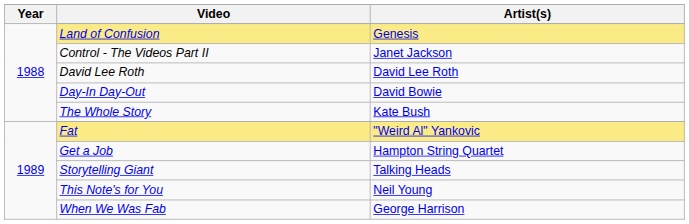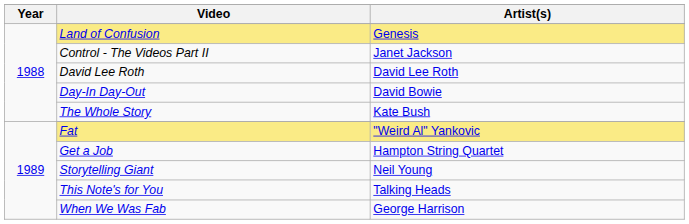 <table class="wikitable" style="width:100%">
 <tr bgcolor="#bebebe">
 </tr>
 <tr bgcolor="#bebebe">
 <th width="5%">Year</th>
 <th width="30%">Video</th>
 <th width="30%">Artist(s)</th>
 </tr>
 <tr>
 <td rowspan="6" style="text-align:center;"><a href='#'>1988</a><br></td>
 </tr>
 <tr style="background:#FAEB86;">
 <td><em><a href='#'>Land of Confusion</a></em></td>
 <td><a href='#'>Genesis</a></td>
 </tr>
 <tr>
 <td><em>Control - The Videos Part II</em></td>
 <td><a href='#'>Janet Jackson</a></td>
 </tr>
 <tr>
 <td><em>David Lee Roth</em></td>
 <td><a href='#'>David Lee Roth</a></td>
 </tr>
 <tr>
 <td><em><a href='#'>Day-In Day-Out</a></em></td>
 <td><a href='#'>David Bowie</a></td>
 </tr>
 <tr>
 <td><em><a href='#'>The Whole Story</a></em></td>
 <td><a href='#'>Kate Bush</a></td>
 </tr>
 <tr>
 <td rowspan="6" style="text-align:center;"><a href='#'>1989</a><br></td>
 </tr>
 <tr style="background:#FAEB86;">
 <td><em><a href='#'>Fat</a></em></td>
 <td><a href='#'>"Weird Al" Yankovic</a></td>
 </tr>
 <tr>
 <td><em><a href='#'>Get a Job</a></em></td>
 <td><a href='#'>Hampton String Quartet</a></td>
 </tr>
 <tr>
 <td><em><a href='#'>Storytelling Giant</a></em></td>
-<td><a href='#'>Talking Heads</a></td>
+<td><a href='#'>Neil Young</a></td>
 </tr>
 <tr>
 <td><em><a href='#'>This Note's for You</a></em></td>
-<td><a href='#'>Neil Young</a></td>
+<td><a href='#'>Talking Heads</a></td>
 </tr>
 <tr>
 <td><em><a href='#'>When We Was Fab</a></em></td>
 <td><a href='#'>George Harrison</a></td>
 </tr>
 </table>
